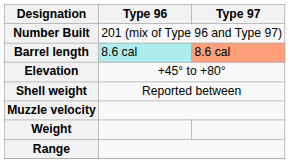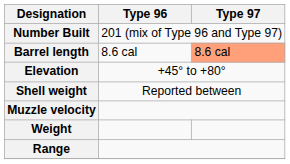 <table class=wikitable>
 <tr>
 <th>Designation</th>
 <th>Type 96</th>
 <th>Type 97</th>
 </tr>
 <tr>
 <th>Number Built</th>
 <td colspan=3 align=center>201 (mix of Type 96 and Type 97)</td>
 </tr>
 <tr>
 <th>Barrel length</th>
-<td style="background: paleturquoise;">8.6 cal</td>
+<td>8.6 cal</td>
 <td style="background: lightsalmon;">8.6 cal</td>
 </tr>
 <tr>
 <th>Elevation</th>
 <td colspan=3 align=center>+45° to +80°</td>
 </tr>
 <tr>
 <th>Shell weight</th>
 <td colspan=3 align=center>Reported between <br></td>
 </tr>
 <tr>
 <th>Muzzle velocity</th>
 <td colspan=3 align=center></td>
 </tr>
 <tr>
 <th>Weight</th>
 <td></td>
 <td></td>
 </tr>
 <tr>
 <th>Range</th>
 <td colspan=3 align=center></td>
 </tr>
 <tr>
 </tr>
 </table>
